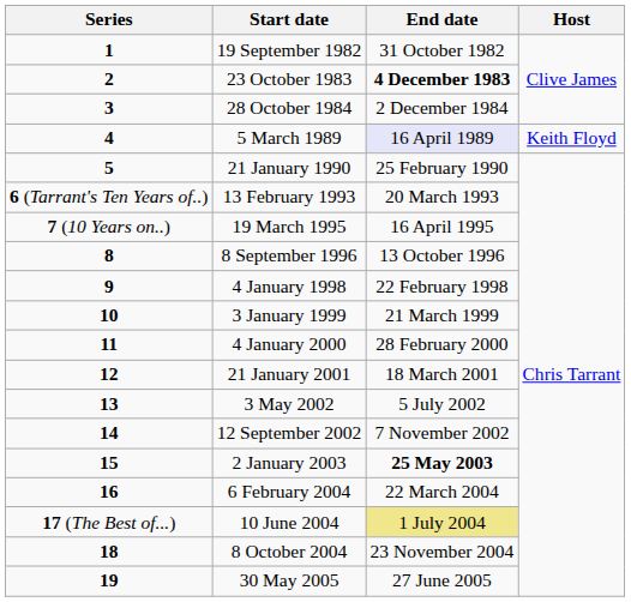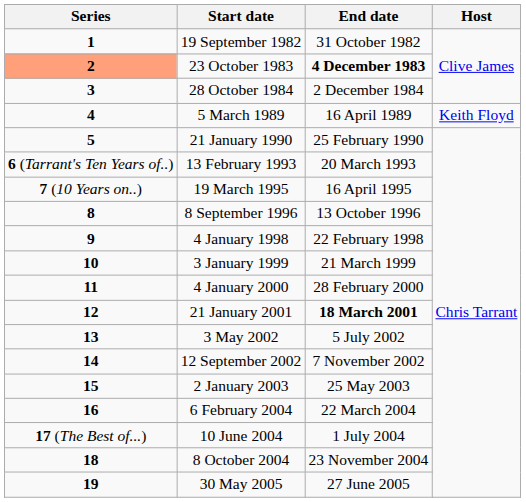 <table class="wikitable" style="text-align:center;">
 <tr>
 <th>Series</th>
 <th>Start date</th>
 <th>End date</th>
 <th>Host</th>
 </tr>
 <tr>
 <td style="text-align:center;"><strong>1</strong></td>
 <td>19 September 1982</td>
 <td>31 October 1982</td>
 <td rowspan=3><a href='#'>Clive James</a></td>
 </tr>
 <tr>
-<td style="text-align:center;"><strong>2</strong></td>
+<td style="background: lightsalmon; text-align:center;"><strong>2</strong></td>
 <td>23 October 1983</td>
 <td><strong>4 December 1983</strong></td>
 </tr>
 <tr>
 <td style="text-align:center;"><strong>3</strong></td>
 <td>28 October 1984</td>
 <td>2 December 1984</td>
 </tr>
 <tr>
 <td style="text-align:center;"><strong>4</strong></td>
 <td>5 March 1989</td>
-<td style="background: lavender;">16 April 1989</td>
+<td>16 April 1989</td>
 <td><a href='#'>Keith Floyd</a></td>
 </tr>
 <tr>
 <td style="text-align:center;"><strong>5</strong></td>
 <td>21 January 1990</td>
 <td>25 February 1990</td>
 <td rowspan=15><a href='#'>Chris Tarrant</a></td>
 </tr>
 <tr>
 <td style="text-align:center;"><strong>6</strong> (<em>Tarrant's Ten Years of..</em>)</td>
 <td>13 February 1993</td>
 <td>20 March 1993</td>
 </tr>
 <tr>
 <td style="text-align:center;"><strong>7</strong> (<em>10 Years on..</em>)</td>
 <td>19 March 1995</td>
 <td>16 April 1995</td>
 </tr>
 <tr>
 <td style="text-align:center;"><strong>8</strong></td>
 <td>8 September 1996</td>
 <td>13 October 1996</td>
 </tr>
 <tr>
 <td style="text-align:center;"><strong>9</strong></td>
 <td>4 January 1998</td>
 <td>22 February 1998</td>
 </tr>
 <tr>
 <td style="text-align:center;"><strong>10</strong></td>
 <td>3 January 1999</td>
 <td>21 March 1999</td>
 </tr>
 <tr>
 <td style="text-align:center;"><strong>11</strong></td>
 <td>4 January 2000</td>
 <td>28 February 2000</td>
 </tr>
 <tr>
 <td style="text-align:center;"><strong>12</strong></td>
 <td>21 January 2001</td>
-<td>18 March 2001</td>
+<td><strong>18 March 2001</strong></td>
 </tr>
 <tr>
 <td style="text-align:center;"><strong>13</strong></td>
 <td>3 May 2002</td>
 <td>5 July 2002</td>
 </tr>
 <tr>
 <td style="text-align:center;"><strong>14</strong></td>
 <td>12 September 2002</td>
 <td>7 November 2002</td>
 </tr>
 <tr>
 <td style="text-align:center;"><strong>15</strong></td>
 <td>2 January 2003</td>
-<td><strong>25 May 2003</strong></td>
+<td>25 May 2003</td>
 </tr>
 <tr>
 <td style="text-align:center;"><strong>16</strong></td>
 <td>6 February 2004</td>
 <td>22 March 2004</td>
 </tr>
 <tr>
 <td style="text-align:center;"><strong>17</strong> (<em>The Best of...</em>)</td>
 <td>10 June 2004</td>
-<td style="background: khaki;">1 July 2004</td>
+<td>1 July 2004</td>
 </tr>
 <tr>
 <td style="text-align:center;"><strong>18</strong></td>
 <td>8 October 2004</td>
 <td>23 November 2004</td>
 </tr>
 <tr>
 <td style="text-align:center;"><strong>19</strong></td>
 <td>30 May 2005</td>
 <td>27 June 2005</td>
 </tr>
 </table>
